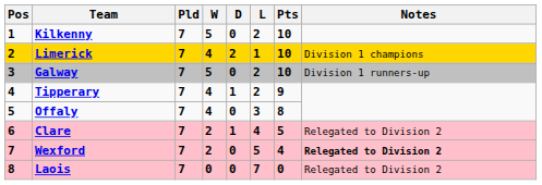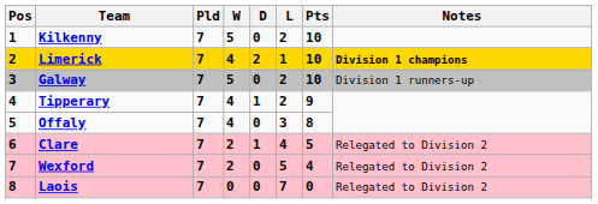 <table class="wikitable" style="text-align: centre;">
 <tr>
 <th width=20>Pos</th>
 <th width=150>Team</th>
 <th width=20>Pld</th>
 <th width=20>W</th>
 <th width=20>D</th>
 <th width=20>L</th>
 <th width=20>Pts</th>
 <th width=250>Notes</th>
 </tr>
 <tr style>
 <td><strong>1</strong></td>
 <td align=left><strong> <a href='#'>Kilkenny</a> </strong></td>
 <td><strong>7</strong></td>
 <td><strong>5</strong></td>
 <td><strong>0</strong></td>
 <td><strong>2</strong></td>
 <td><strong>10</strong></td>
 </tr>
 <tr style="background:gold;">
 <td><strong>2</strong></td>
 <td align=left><strong> <a href='#'>Limerick</a> </strong></td>
 <td><strong>7</strong></td>
 <td><strong>4</strong></td>
 <td><strong>2</strong></td>
 <td><strong>1</strong></td>
 <td><strong>10</strong></td>
-<td><small> Division 1 champions</small></td>
+<td><strong><small> Division 1 champions</small></strong></td>
 </tr>
 <tr style="background:silver;">
 <td><strong>3</strong></td>
 <td align=left><strong> <a href='#'>Galway</a> </strong></td>
 <td><strong>7</strong></td>
 <td><strong>5</strong></td>
 <td><strong>0</strong></td>
 <td><strong>2</strong></td>
 <td><strong>10</strong></td>
 <td><small> Division 1 runners-up</small></td>
 </tr>
 <tr>
 <td><strong>4</strong></td>
 <td align=left><strong> <a href='#'>Tipperary</a> </strong></td>
 <td><strong>7</strong></td>
 <td><strong>4</strong></td>
 <td><strong>1</strong></td>
 <td><strong>2</strong></td>
 <td><strong>9</strong></td>
 </tr>
 <tr style>
 <td><strong>5</strong></td>
 <td align=left><strong> <a href='#'>Offaly</a> </strong></td>
 <td><strong>7</strong></td>
 <td><strong>4</strong></td>
 <td><strong>0</strong></td>
 <td><strong>3</strong></td>
 <td><strong>8</strong></td>
 </tr>
 <tr style="background:#FFC0CB;">
 <td><strong>6</strong></td>
 <td align=left><strong> <a href='#'>Clare</a> </strong></td>
 <td><strong>7</strong></td>
 <td><strong>2</strong></td>
 <td><strong>1</strong></td>
 <td><strong>4</strong></td>
 <td><strong>5</strong></td>
 <td><small>Relegated to Division 2</small></td>
 </tr>
 <tr style="background:#FFC0CB;">
 <td><strong>7</strong></td>
 <td align=left><strong> <a href='#'>Wexford</a> </strong></td>
 <td><strong>7</strong></td>
 <td><strong>2</strong></td>
 <td><strong>0</strong></td>
 <td><strong>5</strong></td>
 <td><strong>4</strong></td>
-<td><strong><small>Relegated to Division 2</small></strong></td>
+<td><small>Relegated to Division 2</small></td>
 </tr>
 <tr style="background:#FFC0CB;">
 <td><strong>8</strong></td>
 <td align=left><strong> <a href='#'>Laois</a> </strong></td>
 <td><strong>7</strong></td>
 <td><strong>0</strong></td>
 <td><strong>0</strong></td>
 <td><strong>7</strong></td>
 <td><strong>0</strong></td>
 <td><small>Relegated to Division 2</small></td>
 </tr>
 </table>
